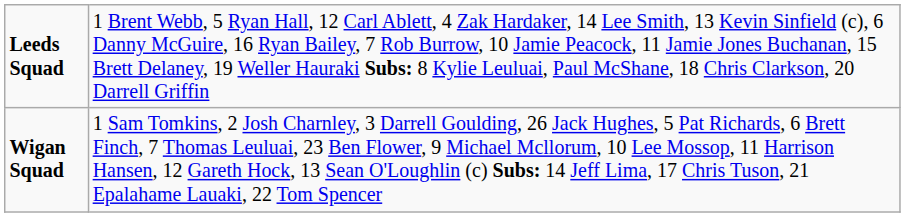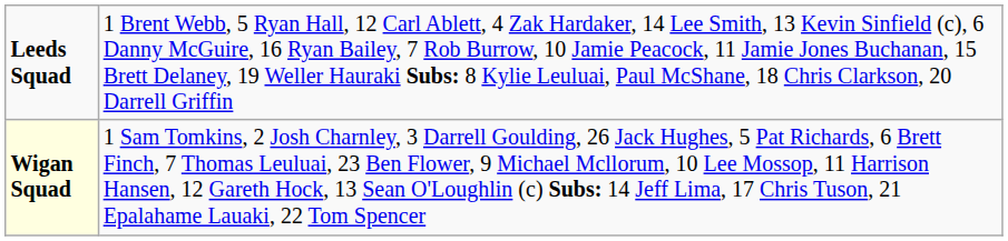 <table class="wikitable" style="font-size:85%;">
 <tr>
 <td><strong>Leeds Squad</strong></td>
 <td>1 <a href='#'>Brent Webb</a>, 5 <a href='#'>Ryan Hall</a>, 12 <a href='#'>Carl Ablett</a>, 4 <a href='#'>Zak Hardaker</a>, 14 <a href='#'>Lee Smith</a>, 13 <a href='#'>Kevin Sinfield</a> (c), 6 <a href='#'>Danny McGuire</a>, 16 <a href='#'>Ryan Bailey</a>, 7 <a href='#'>Rob Burrow</a>, 10 <a href='#'>Jamie Peacock</a>, 11 <a href='#'>Jamie Jones Buchanan</a>, 15 <a href='#'>Brett Delaney</a>, 19 <a href='#'>Weller Hauraki</a> <strong>Subs:</strong> 8 <a href='#'>Kylie Leuluai</a>, <a href='#'>Paul McShane</a>, 18 <a href='#'>Chris Clarkson</a>, 20 <a href='#'>Darrell Griffin</a></td>
 </tr>
 <tr>
-<td><strong>Wigan Squad</strong></td>
+<td style="background: lightyellow;"><strong>Wigan Squad</strong></td>
 <td>1 <a href='#'>Sam Tomkins</a>, 2 <a href='#'>Josh Charnley</a>, 3 <a href='#'>Darrell Goulding</a>, 26 <a href='#'>Jack Hughes</a>, 5 <a href='#'>Pat Richards</a>, 6 <a href='#'>Brett Finch</a>, 7 <a href='#'>Thomas Leuluai</a>, 23 <a href='#'>Ben Flower</a>, 9 <a href='#'>Michael Mcllorum</a>, 10 <a href='#'>Lee Mossop</a>, 11 <a href='#'>Harrison Hansen</a>, 12 <a href='#'>Gareth Hock</a>, 13 <a href='#'>Sean O'Loughlin</a> (c) <strong>Subs:</strong> 14 <a href='#'>Jeff Lima</a>, 17 <a href='#'>Chris Tuson</a>, 21 <a href='#'>Epalahame Lauaki</a>, 22 <a href='#'>Tom Spencer</a></td>
 </tr>
 </table>
